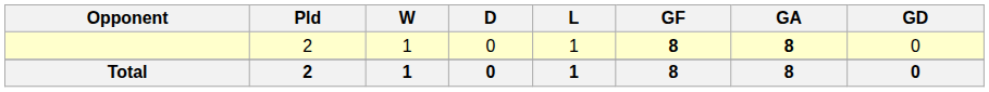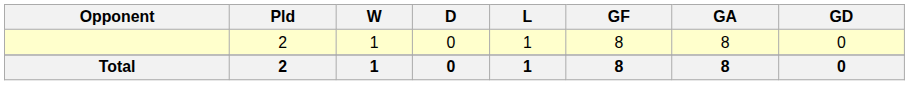 <table class="wikitable" style="text-align: center">
 <tr>
 <th width=220>Opponent<br></th>
 <th width=100>Pld<br></th>
 <th width=70>W<br></th>
 <th width=70>D<br></th>
 <th width=70>L<br></th>
 <th width=100>GF<br></th>
 <th width=100>GA<br></th>
 <th width=120>GD</th>
 </tr>
 <tr bgcolor=#ffffcc>
 <td style="text-align:left;"></td>
 <td>2</td>
 <td>1</td>
 <td>0</td>
 <td>1</td>
-<td><strong>8</strong></td>
-<td><strong>8</strong></td>
+<td>8</td>
+<td>8</td>
 <td>0</td>
 </tr>
 <tr>
 </tr>
 <tr class="sortbottom">
 <th>Total</th>
 <th>2</th>
 <th>1</th>
 <th>0</th>
 <th>1</th>
 <th>8</th>
 <th>8</th>
 <th>0</th>
 </tr>
 </table>
